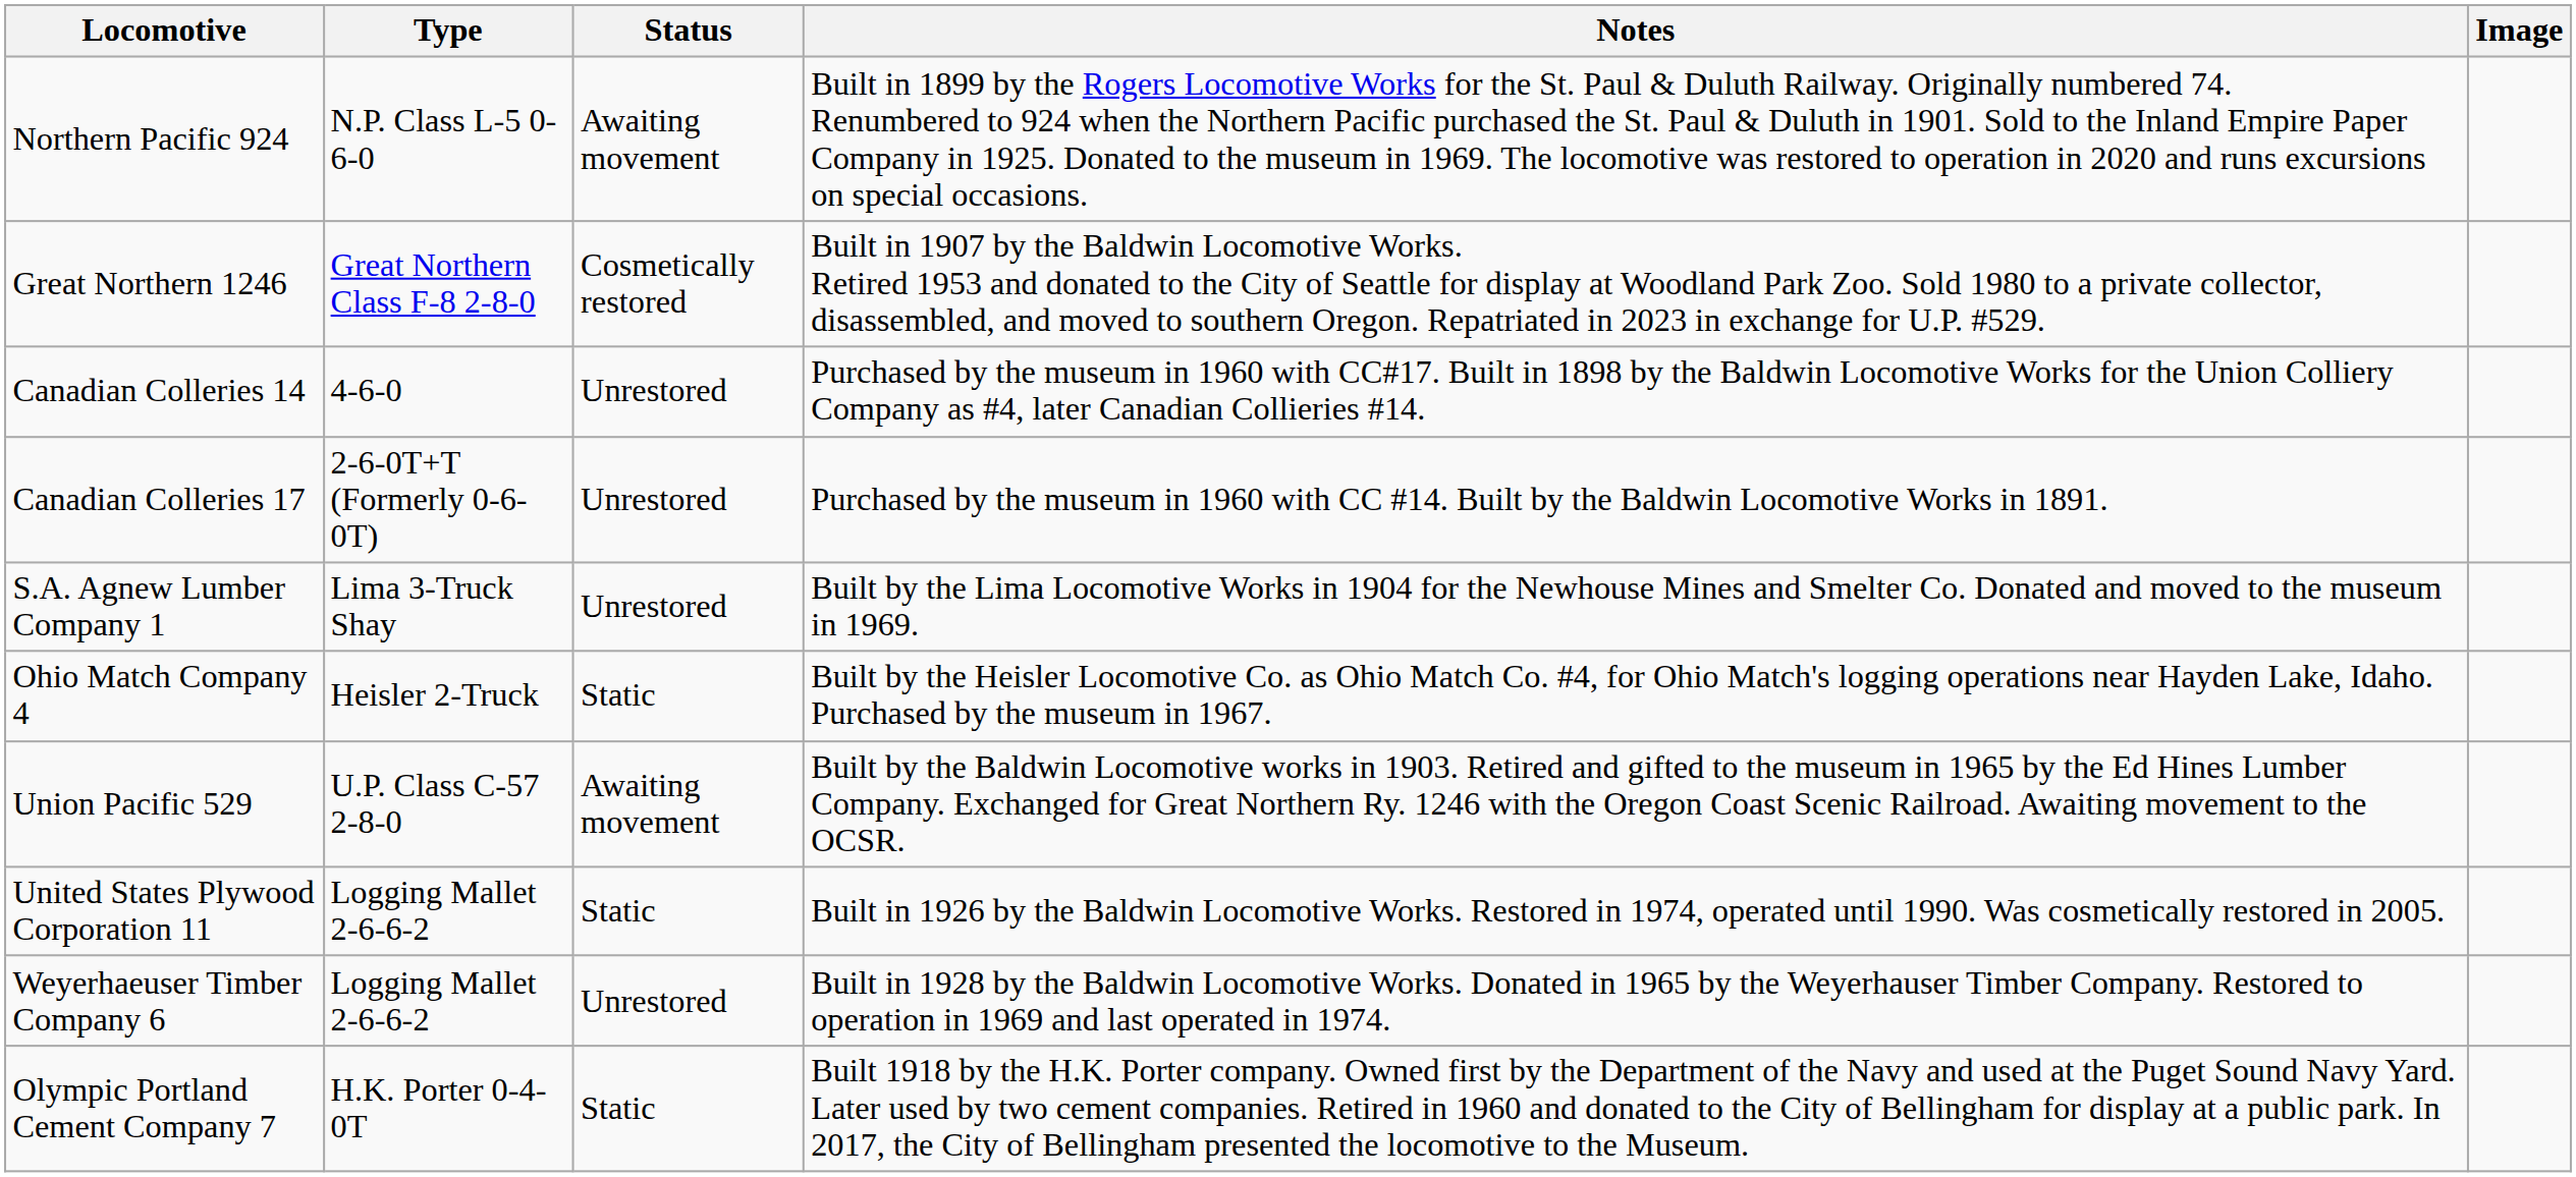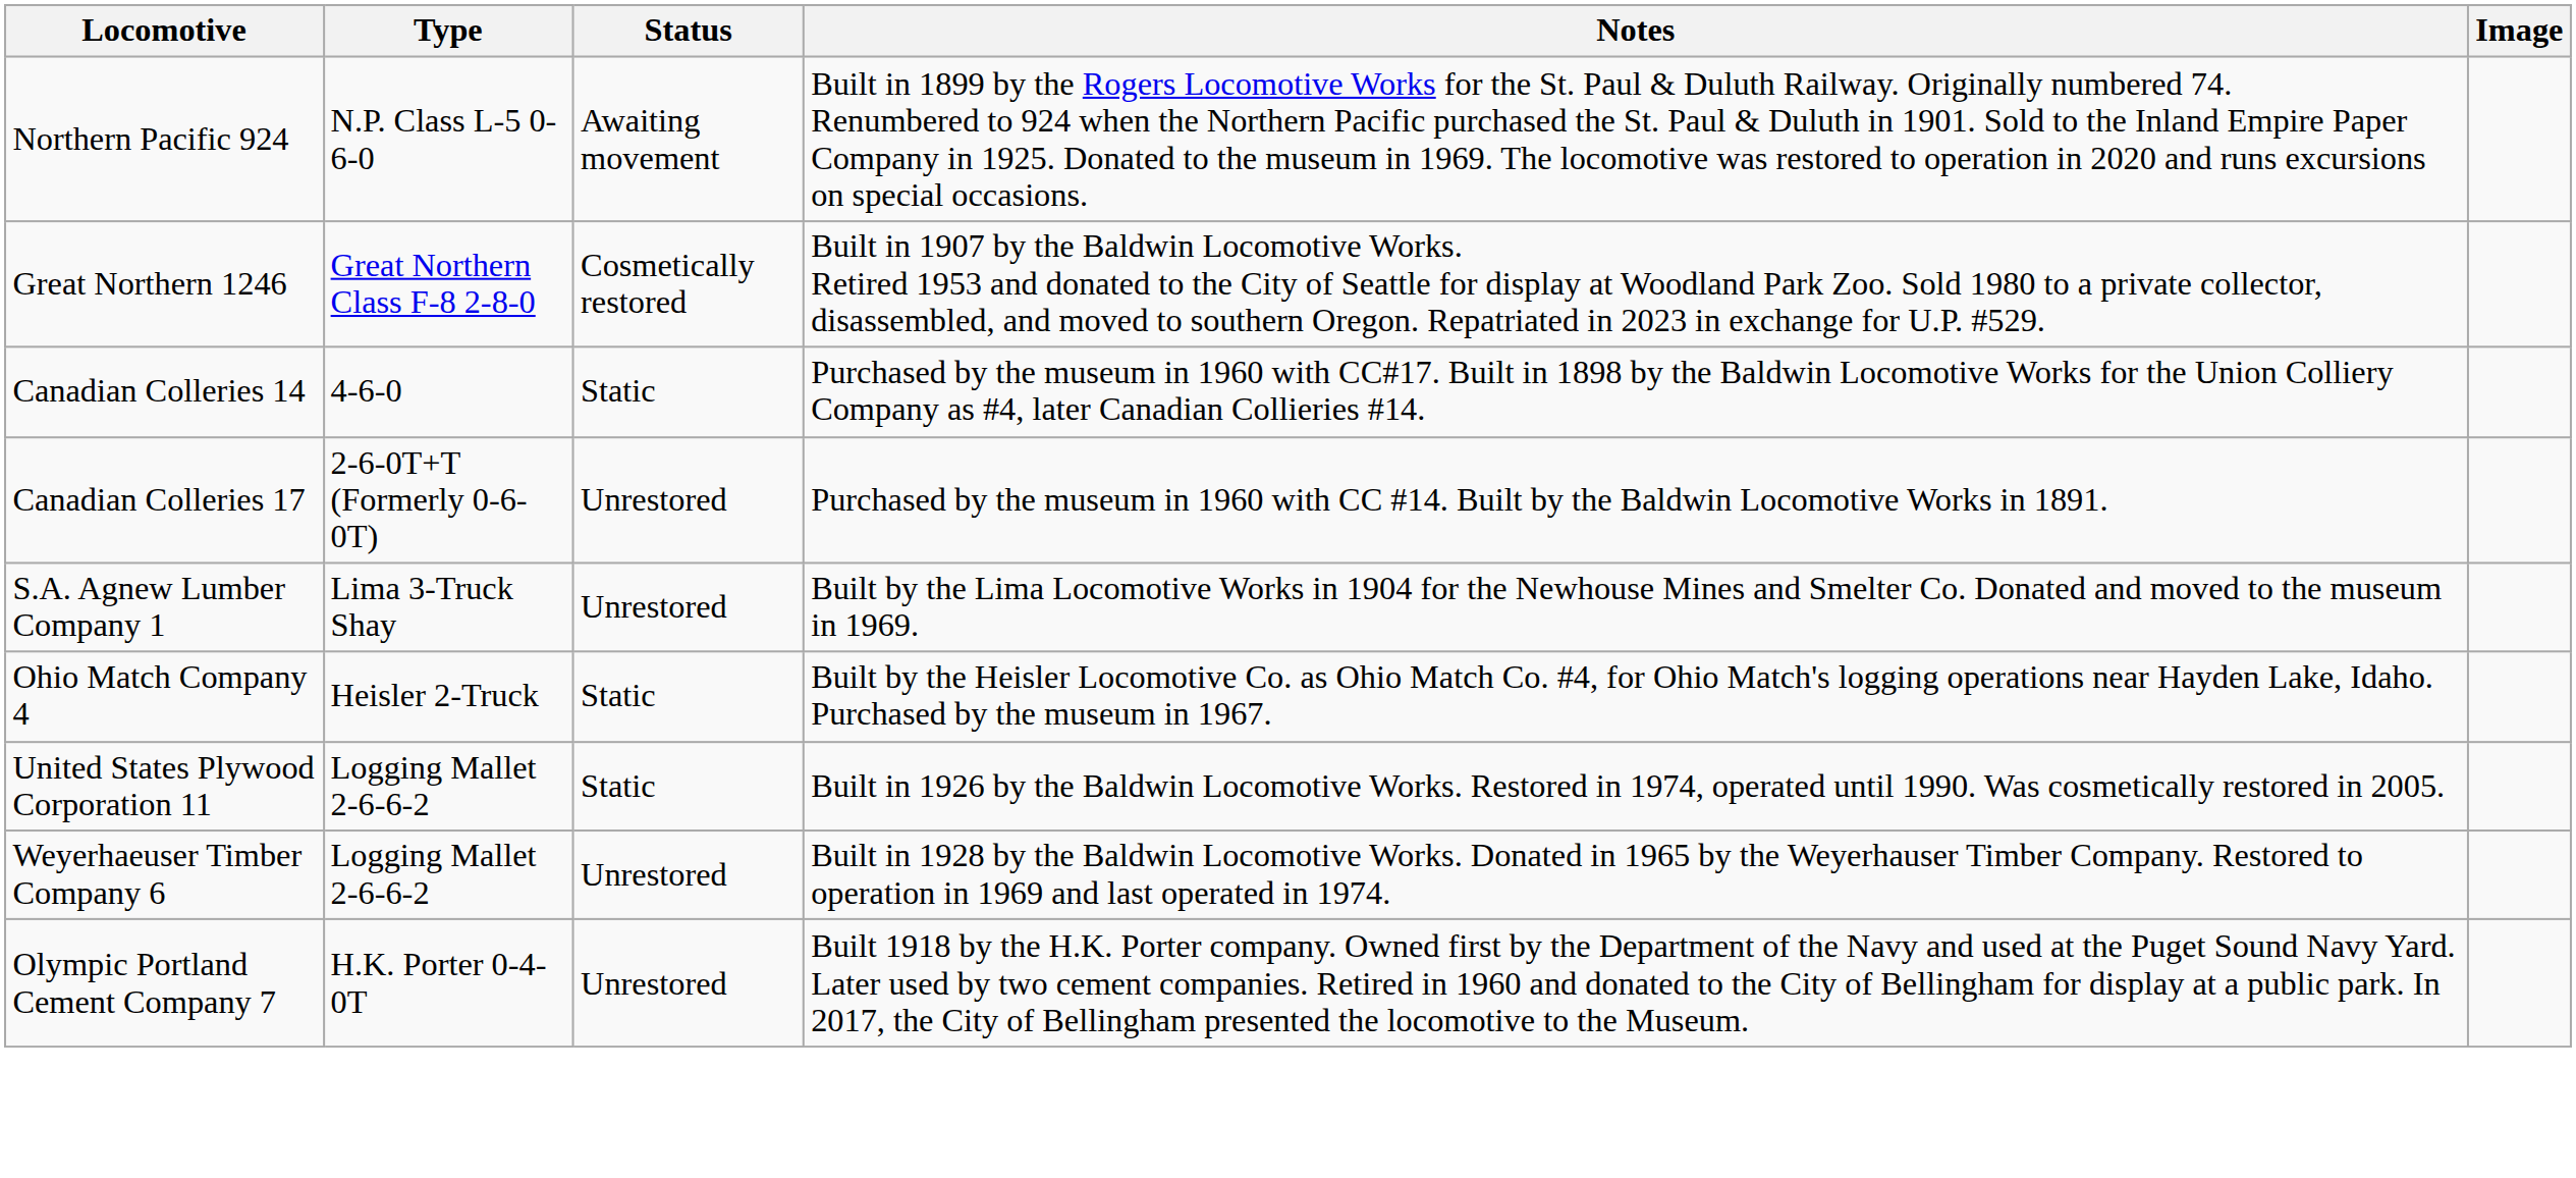 <table class="wikitable">
 <tr>
 <th>Locomotive</th>
 <th>Type</th>
 <th>Status</th>
 <th>Notes</th>
 <th>Image</th>
 </tr>
 <tr>
 <td>Northern Pacific 924</td>
 <td>N.P. Class L-5 0-6-0</td>
 <td>Awaiting movement</td>
 <td>Built in 1899 by the <a href='#'>Rogers Locomotive Works</a> for the St. Paul & Duluth Railway. Originally numbered 74.<br>Renumbered to 924 when the Northern Pacific purchased the St. Paul & Duluth in 1901.  Sold to the Inland Empire Paper Company in 1925. Donated to the museum in 1969.  The locomotive was restored to operation in 2020 and runs excursions on special occasions.</td>
 <td></td>
 </tr>
 <tr>
 <td>Great Northern 1246</td>
 <td><a href='#'>Great Northern Class F-8 2-8-0</a></td>
 <td>Cosmetically restored</td>
 <td>Built in 1907 by the Baldwin Locomotive Works.<br>Retired 1953 and donated to the City of Seattle for display at Woodland Park Zoo. Sold 1980 to a private collector, disassembled, and moved to southern Oregon.  Repatriated in 2023 in exchange for U.P. #529.</td>
 <td></td>
 </tr>
 <tr>
 <td>Canadian Colleries 14</td>
 <td>4-6-0</td>
-<td>Unrestored</td>
+<td>Static</td>
 <td>Purchased by the museum in 1960 with CC#17. Built in 1898 by the Baldwin Locomotive Works for the Union Colliery Company as #4, later Canadian Collieries #14.</td>
 <td></td>
 </tr>
 <tr>
 <td>Canadian Colleries 17</td>
 <td>2-6-0T+T<br>(Formerly 0-6-0T)</td>
 <td>Unrestored</td>
 <td>Purchased by the museum in 1960 with CC #14. Built by the Baldwin Locomotive Works in 1891.</td>
 <td></td>
 </tr>
 <tr>
 <td>S.A. Agnew Lumber Company 1</td>
 <td>Lima 3-Truck Shay</td>
 <td>Unrestored</td>
 <td>Built by the Lima Locomotive Works in 1904 for the Newhouse Mines and Smelter Co. Donated and moved to the museum in 1969.</td>
 <td></td>
 </tr>
 <tr>
 <td>Ohio Match Company 4</td>
 <td>Heisler 2-Truck</td>
 <td>Static</td>
 <td>Built by the Heisler Locomotive Co. as Ohio Match Co. #4, for Ohio Match's logging operations near Hayden Lake, Idaho. Purchased by the museum in 1967.</td>
 <td></td>
 </tr>
 <tr>
-<td>Union Pacific 529</td>
-<td>U.P. Class C-57 2-8-0</td>
-<td>Awaiting movement</td>
-<td>Built by the Baldwin Locomotive works in 1903. Retired and gifted to the museum in 1965 by the Ed Hines Lumber Company. Exchanged for Great Northern Ry. 1246 with the Oregon Coast Scenic Railroad. Awaiting movement to the OCSR.</td>
-<td></td>
-</tr>
-<tr>
 <td>United States Plywood Corporation 11</td>
 <td>Logging Mallet 2-6-6-2</td>
 <td>Static</td>
 <td>Built in 1926 by the Baldwin Locomotive Works. Restored in 1974, operated until 1990. Was cosmetically restored in 2005.</td>
 <td></td>
 </tr>
 <tr>
 <td>Weyerhaeuser Timber Company 6</td>
 <td>Logging Mallet 2-6-6-2</td>
 <td>Unrestored</td>
 <td>Built in 1928 by the Baldwin Locomotive Works. Donated in  1965 by the Weyerhauser Timber Company. Restored to operation in 1969 and last operated in 1974.</td>
 <td></td>
 </tr>
 <tr>
 <td>Olympic Portland Cement Company 7</td>
 <td>H.K. Porter 0-4-0T</td>
-<td>Static</td>
+<td>Unrestored</td>
 <td>Built 1918 by the H.K. Porter company. Owned first by the Department of the Navy and used at the Puget Sound Navy Yard. Later used by two cement companies. Retired in 1960 and donated to the City of Bellingham for display at a public park. In 2017, the City of Bellingham presented the locomotive to the Museum.</td>
 <td></td>
 </tr>
 </table>
